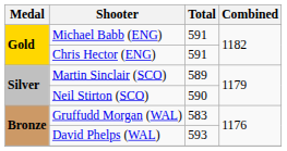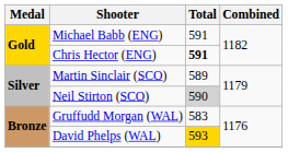 <table class="wikitable">
 <tr>
 <th>Medal</th>
 <th>Shooter</th>
 <th>Total</th>
 <th>Combined</th>
 </tr>
 <tr>
 <td rowspan="2" bgcolor="gold"><strong>Gold</strong></td>
 <td> <a href='#'>Michael Babb</a> (<a href='#'>ENG</a>)</td>
 <td>591</td>
 <td rowspan="2">1182</td>
 </tr>
 <tr>
 <td> <a href='#'>Chris Hector</a> (<a href='#'>ENG</a>)</td>
-<td>591</td>
+<td><strong>591</strong></td>
 </tr>
 <tr>
 <td rowspan="2" bgcolor="silver"><strong>Silver</strong></td>
 <td> <a href='#'>Martin Sinclair</a> (<a href='#'>SCO</a>)</td>
 <td>589</td>
 <td rowspan="2">1179</td>
 </tr>
 <tr>
 <td> <a href='#'>Neil Stirton</a> (<a href='#'>SCO</a>)</td>
-<td>590</td>
+<td style="background: lightgrey;">590</td>
 </tr>
 <tr>
 <td rowspan="2" bgcolor="cc9966"><strong>Bronze</strong></td>
 <td> <a href='#'>Gruffudd Morgan</a> (<a href='#'>WAL</a>)</td>
 <td>583</td>
 <td rowspan="2">1176</td>
 </tr>
 <tr>
 <td> <a href='#'>David Phelps</a> (<a href='#'>WAL</a>)</td>
-<td>593</td>
+<td style="background: gold;">593</td>
 </tr>
 <tr>
 </tr>
 </table>
